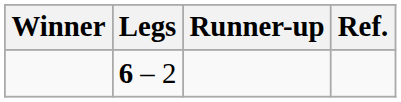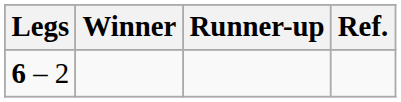 <table class="wikitable">
 <tr>
+<th>Legs</th>
 <th>Winner</th>
-<th>Legs</th>
 <th>Runner-up</th>
 <th>Ref.</th>
 </tr>
 <tr>
+<td align="center"><strong>6</strong> – 2</td>
 <td align="right"></td>
-<td align="center"><strong>6</strong> – 2</td>
 <td></td>
 <td align="center"></td>
 </tr>
 </table>
